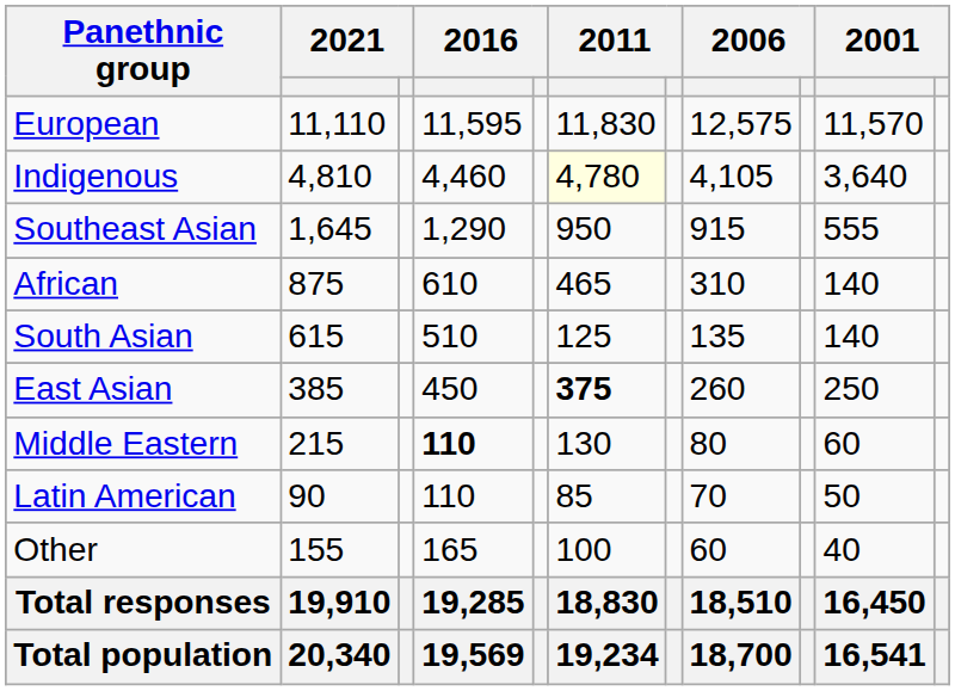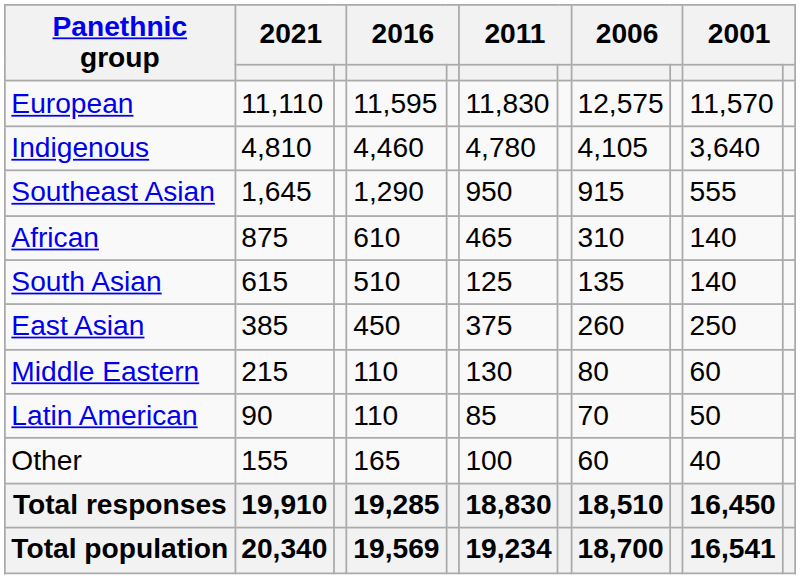 <table class="wikitable collapsible sortable">
 <tr>
 <th rowspan="2"><a href='#'>Panethnic</a><br>group</th>
 <th colspan="2">2021</th>
 <th colspan="2">2016</th>
 <th colspan="2">2011</th>
 <th colspan="2">2006</th>
 <th colspan="2">2001</th>
 </tr>
 <tr>
 <th><a href='#'></a></th>
 <th></th>
 <th></th>
 <th></th>
 <th></th>
 <th></th>
 <th></th>
 <th></th>
 <th></th>
 <th></th>
 </tr>
 <tr>
 <td><a href='#'>European</a></td>
 <td>11,110</td>
 <td></td>
 <td>11,595</td>
 <td></td>
 <td>11,830</td>
 <td></td>
 <td>12,575</td>
 <td></td>
 <td>11,570</td>
 <td></td>
 </tr>
 <tr>
 <td><a href='#'>Indigenous</a></td>
 <td>4,810</td>
 <td></td>
 <td>4,460</td>
 <td></td>
-<td style="background: lightyellow;">4,780</td>
+<td>4,780</td>
 <td></td>
 <td>4,105</td>
 <td></td>
 <td>3,640</td>
 <td></td>
 </tr>
 <tr>
 <td><a href='#'>Southeast Asian</a></td>
 <td>1,645</td>
 <td></td>
 <td>1,290</td>
 <td></td>
 <td>950</td>
 <td></td>
 <td>915</td>
 <td></td>
 <td>555</td>
 <td></td>
 </tr>
 <tr>
 <td><a href='#'>African</a></td>
 <td>875</td>
 <td></td>
 <td>610</td>
 <td></td>
 <td>465</td>
 <td></td>
 <td>310</td>
 <td></td>
 <td>140</td>
 <td></td>
 </tr>
 <tr>
 <td><a href='#'>South Asian</a></td>
 <td>615</td>
 <td></td>
 <td>510</td>
 <td></td>
 <td>125</td>
 <td></td>
 <td>135</td>
 <td></td>
 <td>140</td>
 <td></td>
 </tr>
 <tr>
 <td><a href='#'>East Asian</a></td>
 <td>385</td>
 <td></td>
 <td>450</td>
 <td></td>
-<td><strong>375</strong></td>
+<td>375</td>
 <td></td>
 <td>260</td>
 <td></td>
 <td>250</td>
 <td></td>
 </tr>
 <tr>
 <td><a href='#'>Middle Eastern</a></td>
 <td>215</td>
 <td></td>
-<td><strong>110</strong></td>
+<td>110</td>
 <td></td>
 <td>130</td>
 <td></td>
 <td>80</td>
 <td></td>
 <td>60</td>
 <td></td>
 </tr>
 <tr>
 <td><a href='#'>Latin American</a></td>
 <td>90</td>
 <td></td>
 <td>110</td>
 <td></td>
 <td>85</td>
 <td></td>
 <td>70</td>
 <td></td>
 <td>50</td>
 <td></td>
 </tr>
 <tr>
 <td>Other</td>
 <td>155</td>
 <td></td>
 <td>165</td>
 <td></td>
 <td>100</td>
 <td></td>
 <td>60</td>
 <td></td>
 <td>40</td>
 <td></td>
 </tr>
 <tr>
 <th>Total responses</th>
 <th>19,910</th>
 <th></th>
 <th>19,285</th>
 <th></th>
 <th>18,830</th>
 <th></th>
 <th>18,510</th>
 <th></th>
 <th>16,450</th>
 <th></th>
 </tr>
 <tr>
 <th>Total population</th>
 <th>20,340</th>
 <th></th>
 <th>19,569</th>
 <th></th>
 <th>19,234</th>
 <th></th>
 <th>18,700</th>
 <th></th>
 <th>16,541</th>
 <th></th>
 </tr>
 </table>
